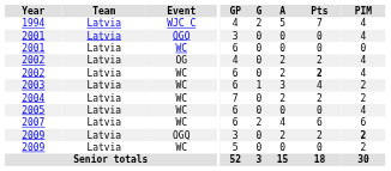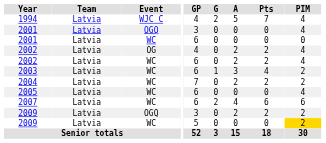 <table border="0" cellpadding="1" cellspacing="0" ID="Table3" style="text-align:center; width:40em">
 <tr ALIGN="center" bgcolor="#e0e0e0">
 <th>Year</th>
 <th>Team</th>
 <th>Event</th>
 <th rowspan="99" bgcolor="#ffffff"></th>
 <th>GP</th>
 <th>G</th>
 <th>A</th>
 <th>Pts</th>
 <th>PIM</th>
 </tr>
 <tr>
 <td><a href='#'>1994</a></td>
 <td><a href='#'>Latvia</a></td>
 <td><a href='#'>WJC C</a></td>
 <td>4</td>
 <td>2</td>
 <td>5</td>
 <td>7</td>
 <td>4</td>
 </tr>
 <tr bgcolor="#f0f0f0">
 <td><a href='#'>2001</a></td>
 <td><a href='#'>Latvia</a></td>
 <td><a href='#'>OGQ</a></td>
 <td>3</td>
 <td>0</td>
 <td>0</td>
 <td>0</td>
 <td>4</td>
 </tr>
 <tr>
 <td><a href='#'>2001</a></td>
 <td>Latvia</td>
 <td><a href='#'>WC</a></td>
 <td>6</td>
 <td>0</td>
 <td>0</td>
 <td>0</td>
 <td>0</td>
 </tr>
 <tr bgcolor="#f0f0f0">
 <td><a href='#'>2002</a></td>
 <td>Latvia</td>
 <td>OG</td>
 <td>4</td>
 <td>0</td>
 <td>2</td>
 <td>2</td>
 <td>4</td>
 </tr>
 <tr>
 <td><a href='#'>2002</a></td>
 <td>Latvia</td>
 <td>WC</td>
 <td>6</td>
 <td>0</td>
 <td>2</td>
-<td><strong>2</strong></td>
+<td>2</td>
 <td>4</td>
 </tr>
 <tr bgcolor="#f0f0f0">
 <td><a href='#'>2003</a></td>
 <td>Latvia</td>
 <td>WC</td>
 <td>6</td>
 <td>1</td>
 <td>3</td>
 <td>4</td>
 <td>2</td>
 </tr>
 <tr>
 <td><a href='#'>2004</a></td>
 <td>Latvia</td>
 <td>WC</td>
 <td>7</td>
 <td>0</td>
 <td>2</td>
 <td>2</td>
 <td>2</td>
 </tr>
 <tr bgcolor="#f0f0f0">
 <td><a href='#'>2005</a></td>
 <td>Latvia</td>
 <td>WC</td>
 <td>6</td>
 <td>0</td>
 <td>0</td>
 <td>0</td>
 <td>4</td>
 </tr>
 <tr>
 <td><a href='#'>2007</a></td>
 <td>Latvia</td>
 <td>WC</td>
 <td>6</td>
 <td>2</td>
 <td>4</td>
 <td>6</td>
 <td>6</td>
 </tr>
 <tr bgcolor="#f0f0f0">
 <td><a href='#'>2009</a></td>
 <td>Latvia</td>
 <td>OGQ</td>
 <td>3</td>
 <td>0</td>
 <td>2</td>
 <td>2</td>
-<td><strong>2</strong></td>
+<td>2</td>
 </tr>
 <tr>
 <td><a href='#'>2009</a></td>
 <td>Latvia</td>
 <td>WC</td>
 <td>5</td>
 <td>0</td>
 <td>0</td>
 <td>0</td>
-<td>2</td>
+<td style="background: gold;">2</td>
 </tr>
 <tr style="background: #e0e0e0;">
 <th colspan="3">Senior totals</th>
 <th>52</th>
 <th>3</th>
 <th>15</th>
 <th>18</th>
 <th>30</th>
 </tr>
 </table>
